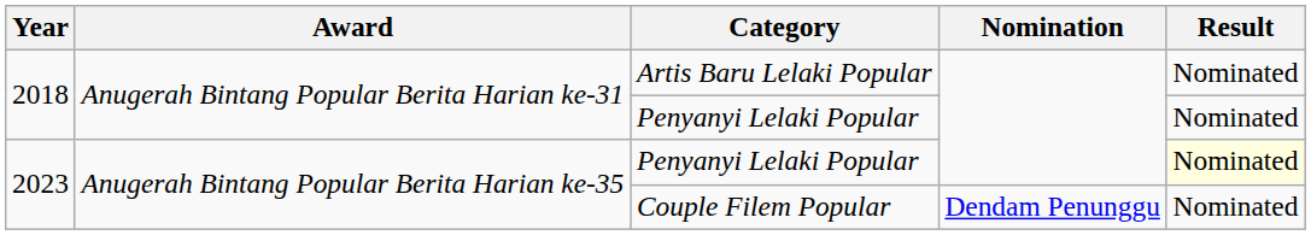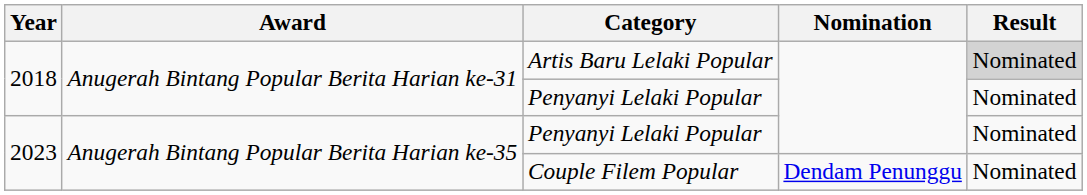 <table class="wikitable">
 <tr>
 <th>Year</th>
 <th>Award</th>
 <th>Category</th>
 <th>Nomination</th>
 <th>Result</th>
 </tr>
 <tr>
 <td rowspan="2">2018</td>
 <td rowspan="2"><em>Anugerah Bintang Popular Berita Harian ke-31</em></td>
 <td><em>Artis Baru Lelaki Popular</em></td>
 <td rowspan="3"></td>
-<td>Nominated</td>
+<td style="background: lightgrey;">Nominated</td>
 </tr>
 <tr>
 <td><em>Penyanyi Lelaki Popular</em></td>
 <td>Nominated</td>
 </tr>
 <tr>
 <td rowspan="2">2023</td>
 <td rowspan="2"><em>Anugerah Bintang Popular Berita Harian ke-35</em></td>
 <td><em>Penyanyi Lelaki Popular</em></td>
-<td style="background: lightyellow;">Nominated</td>
+<td>Nominated</td>
 </tr>
 <tr>
 <td><em>Couple Filem Popular</em></td>
 <td><a href='#'>Dendam Penunggu</a></td>
 <td>Nominated</td>
 </tr>
 </table>
